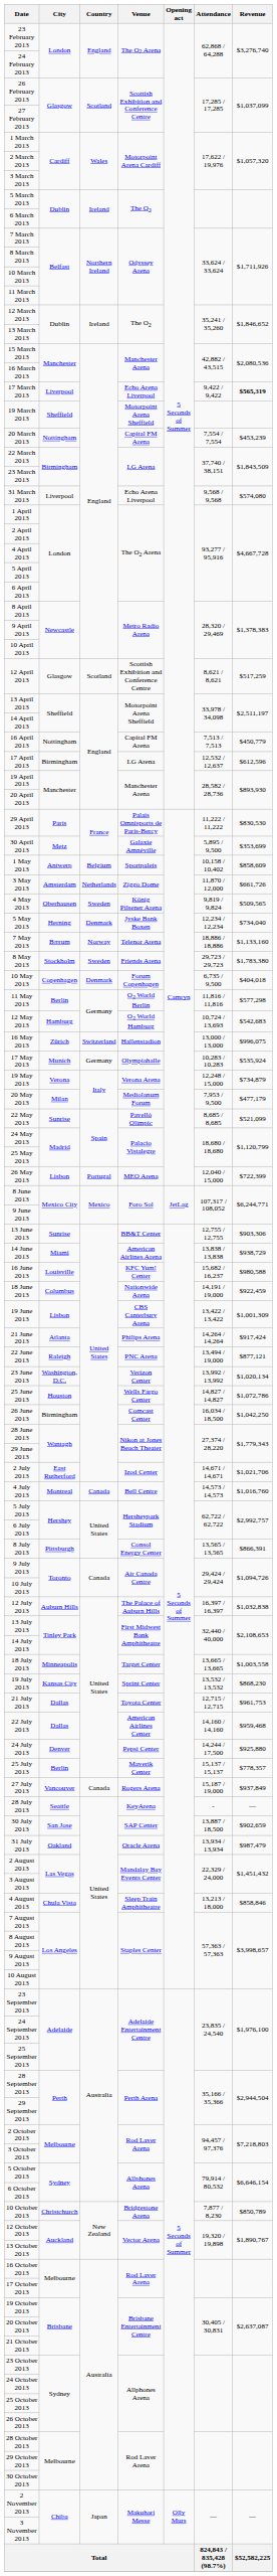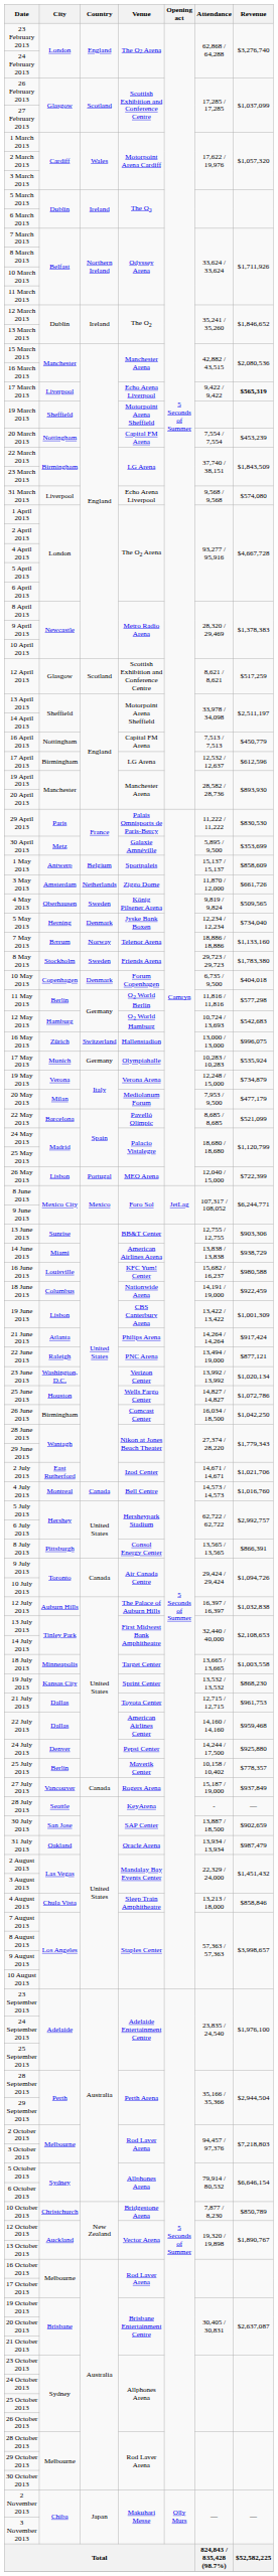 <table class="wikitable" style="text-align:center;">
 <tr>
 <th scope="col" style="width:12em;">Date</th>
 <th scope="col" style="width:10em;">City</th>
 <th scope="col" style="width:10em;">Country</th>
 <th scope="col" style="width:16em;">Venue</th>
 <th scope="col" style="width:10em;">Opening act</th>
 <th scope="col" style="width:10em;">Attendance</th>
 <th scope="col" style="width:10em;">Revenue</th>
 </tr>
 <tr>
 <td>23 February 2013</td>
 <td rowspan="2"><a href='#'>London</a></td>
 <td rowspan="2"><a href='#'>England</a></td>
 <td rowspan="2"><a href='#'>The O<sub>2</sub> Arena</a></td>
 <td rowspan="38"><a href='#'>5 Seconds of Summer</a></td>
 <td rowspan="2">62,868 / 64,288</td>
 <td rowspan="2">$3,276,740</td>
 </tr>
 <tr>
 <td>24 February 2013</td>
 </tr>
 <tr>
 <td>26 February 2013</td>
 <td rowspan="2"><a href='#'>Glasgow</a></td>
 <td rowspan="2"><a href='#'>Scotland</a></td>
 <td rowspan="2"><a href='#'>Scottish Exhibition and Conference Centre</a></td>
 <td rowspan="2">17,285 / 17,285</td>
 <td rowspan="2">$1,037,099</td>
 </tr>
 <tr>
 <td>27 February 2013</td>
 </tr>
 <tr>
 <td>1 March 2013</td>
 <td rowspan="3"><a href='#'>Cardiff</a></td>
 <td rowspan="3"><a href='#'>Wales</a></td>
 <td rowspan="3"><a href='#'>Motorpoint Arena Cardiff</a></td>
 <td rowspan="3">17,622 / 19,976</td>
 <td rowspan="3">$1,057,320</td>
 </tr>
 <tr>
 <td>2 March 2013</td>
 </tr>
 <tr>
 <td>3 March 2013</td>
 </tr>
 <tr>
 <td>5 March 2013</td>
 <td rowspan="2"><a href='#'>Dublin</a></td>
 <td rowspan="2"><a href='#'>Ireland</a></td>
 <td rowspan="2"><a href='#'>The O<sub>2</sub></a></td>
 <td rowspan="2"></td>
 <td rowspan="2"></td>
 </tr>
 <tr>
 <td>6 March 2013</td>
 </tr>
 <tr>
 <td>7 March 2013</td>
 <td rowspan="4"><a href='#'>Belfast</a></td>
 <td rowspan="4"><a href='#'>Northern Ireland</a></td>
 <td rowspan="4"><a href='#'>Odyssey Arena</a></td>
 <td rowspan="4">33,624 / 33,624</td>
 <td rowspan="4">$1,711,926</td>
 </tr>
 <tr>
 <td>8 March 2013</td>
 </tr>
 <tr>
 <td>10 March 2013</td>
 </tr>
 <tr>
 <td>11 March 2013</td>
 </tr>
 <tr>
 <td>12 March 2013</td>
 <td rowspan="2">Dublin</td>
 <td rowspan="2">Ireland</td>
 <td rowspan="2">The O<sub>2</sub></td>
 <td rowspan="2">35,241 / 35,260</td>
 <td rowspan="2">$1,846,652</td>
 </tr>
 <tr>
 <td>13 March 2013</td>
 </tr>
 <tr>
 <td>15 March 2013</td>
 <td rowspan="2"><a href='#'>Manchester</a></td>
 <td rowspan="16">England</td>
 <td rowspan="2"><a href='#'>Manchester Arena</a></td>
 <td rowspan="2">42,882 / 43,515</td>
 <td rowspan="2">$2,080,536</td>
 </tr>
 <tr>
 <td>16 March 2013</td>
 </tr>
 <tr>
 <td>17 March 2013</td>
 <td><a href='#'>Liverpool</a></td>
 <td><a href='#'>Echo Arena Liverpool</a></td>
 <td>9,422 / 9,422</td>
 <td><strong>$565,319</strong></td>
 </tr>
 <tr>
 <td>19 March 2013</td>
 <td><a href='#'>Sheffield</a></td>
 <td><a href='#'>Motorpoint Arena Sheffield</a></td>
 <td></td>
 <td></td>
 </tr>
 <tr>
 <td>20 March 2013</td>
 <td><a href='#'>Nottingham</a></td>
 <td><a href='#'>Capital FM Arena</a></td>
 <td>7,554 / 7,554</td>
 <td>$453,239</td>
 </tr>
 <tr>
 <td>22 March 2013</td>
 <td rowspan="2"><a href='#'>Birmingham</a></td>
 <td rowspan="2"><a href='#'>LG Arena</a></td>
 <td rowspan="2">37,740 / 38,151</td>
 <td rowspan="2">$1,843,509</td>
 </tr>
 <tr>
 <td>23 March 2013</td>
 </tr>
 <tr>
 <td>31 March 2013</td>
 <td>Liverpool</td>
 <td>Echo Arena Liverpool</td>
 <td>9,568 / 9,568</td>
 <td>$574,080</td>
 </tr>
 <tr>
 <td>1 April 2013</td>
 <td rowspan="5">London</td>
 <td rowspan="5">The O<sub>2</sub> Arena</td>
 <td rowspan="5">93,277 / 95,916</td>
 <td rowspan="5">$4,667,728</td>
 </tr>
 <tr>
 <td>2 April 2013</td>
 </tr>
 <tr>
 <td>4 April 2013</td>
 </tr>
 <tr>
 <td>5 April 2013</td>
 </tr>
 <tr>
 <td>6 April 2013</td>
 </tr>
 <tr>
 <td>8 April 2013</td>
 <td rowspan="3"><a href='#'>Newcastle</a></td>
 <td rowspan="3"><a href='#'>Metro Radio Arena</a></td>
 <td rowspan="3">28,320 / 29,469</td>
 <td rowspan="3">$1,378,383</td>
 </tr>
 <tr>
 <td>9 April 2013</td>
 </tr>
 <tr>
 <td>10 April 2013</td>
 </tr>
 <tr>
 <td>12 April 2013</td>
 <td>Glasgow</td>
 <td>Scotland</td>
 <td>Scottish Exhibition and Conference Centre</td>
 <td>8,621 / 8,621</td>
 <td>$517,259</td>
 </tr>
 <tr>
 <td>13 April 2013</td>
 <td rowspan="2">Sheffield</td>
 <td rowspan="6">England</td>
 <td rowspan="2">Motorpoint Arena Sheffield</td>
 <td rowspan="2">33,978 / 34,098</td>
 <td rowspan="2">$2,511,197</td>
 </tr>
 <tr>
 <td>14 April 2013</td>
 </tr>
 <tr>
 <td>16 April 2013</td>
 <td>Nottingham</td>
 <td>Capital FM Arena</td>
 <td>7,513 / 7,513</td>
 <td>$450,779</td>
 </tr>
 <tr>
 <td>17 April 2013</td>
 <td>Birmingham</td>
 <td>LG Arena</td>
 <td>12,532 / 12,637</td>
 <td>$612,596</td>
 </tr>
 <tr>
 <td>19 April 2013</td>
 <td rowspan="2">Manchester</td>
 <td rowspan="2">Manchester Arena</td>
 <td rowspan="2">28,582 / 28,736</td>
 <td rowspan="2">$893,930</td>
 </tr>
 <tr>
 <td>20 April 2013</td>
 </tr>
 <tr>
 <td>29 April 2013</td>
 <td><a href='#'>Paris</a></td>
 <td rowspan="2"><a href='#'>France</a></td>
 <td><a href='#'>Palais Omnisports de Paris-Bercy</a></td>
 <td rowspan="19"><a href='#'>Camryn</a></td>
 <td>11,222 / 11,222</td>
 <td>$830,530</td>
 </tr>
 <tr>
 <td>30 April 2013</td>
 <td><a href='#'>Metz</a></td>
 <td><a href='#'>Galaxie Amnéville</a></td>
 <td>5,895 / 9,500</td>
 <td>$353,699</td>
 </tr>
 <tr>
 <td>1 May 2013</td>
 <td><a href='#'>Antwerp</a></td>
 <td><a href='#'>Belgium</a></td>
 <td><a href='#'>Sportpaleis</a></td>
-<td>10,158 / 10,402</td>
+<td>15,137 / 15,137</td>
 <td>$858,609</td>
 </tr>
 <tr>
 <td>3 May 2013</td>
 <td><a href='#'>Amsterdam</a></td>
 <td><a href='#'>Netherlands</a></td>
 <td><a href='#'>Ziggo Dome</a></td>
 <td>11,870 / 12,000</td>
 <td>$661,726</td>
 </tr>
 <tr>
 <td>4 May 2013</td>
 <td><a href='#'>Oberhausen</a></td>
 <td><a href='#'>Sweden</a></td>
 <td><a href='#'>König Pilsener Arena</a></td>
 <td>9,819 / 9,824</td>
 <td>$509,565</td>
 </tr>
 <tr>
 <td>5 May 2013</td>
 <td><a href='#'>Herning</a></td>
 <td><a href='#'>Denmark</a></td>
 <td><a href='#'>Jyske Bank Boxen</a></td>
 <td>12,234 / 12,234</td>
 <td>$734,040</td>
 </tr>
 <tr>
 <td>7 May 2013</td>
 <td><a href='#'>Bærum</a></td>
 <td><a href='#'>Norway</a></td>
 <td><a href='#'>Telenor Arena</a></td>
 <td>18,886 / 18,886</td>
 <td>$1,133,160</td>
 </tr>
 <tr>
 <td>8 May 2013</td>
 <td><a href='#'>Stockholm</a></td>
 <td><a href='#'>Sweden</a></td>
 <td><a href='#'>Friends Arena</a></td>
 <td>29,723 / 29,723</td>
 <td>$1,783,380</td>
 </tr>
 <tr>
 <td>10 May 2013</td>
 <td><a href='#'>Copenhagen</a></td>
 <td><a href='#'>Denmark</a></td>
 <td><a href='#'>Forum Copenhagen</a></td>
 <td>6,735 / 9,500</td>
 <td>$404,018</td>
 </tr>
 <tr>
 <td>11 May 2013</td>
 <td><a href='#'>Berlin</a></td>
 <td rowspan="2">Germany</td>
 <td><a href='#'>O<sub>2</sub> World Berlin</a></td>
 <td>11,816 / 11,816</td>
 <td>$577,298</td>
 </tr>
 <tr>
 <td>12 May 2013</td>
 <td><a href='#'>Hamburg</a></td>
 <td><a href='#'>O<sub>2</sub> World Hamburg</a></td>
 <td>10,724 / 13,693</td>
 <td>$542,683</td>
 </tr>
 <tr>
 <td>16 May 2013</td>
 <td><a href='#'>Zürich</a></td>
 <td><a href='#'>Switzerland</a></td>
 <td><a href='#'>Hallenstadion</a></td>
 <td>13,000 / 13,000</td>
 <td>$996,075</td>
 </tr>
 <tr>
 <td>17 May 2013</td>
 <td><a href='#'>Munich</a></td>
 <td>Germany</td>
 <td><a href='#'>Olympiahalle</a></td>
 <td>10,283 / 10,283</td>
 <td>$535,924</td>
 </tr>
 <tr>
 <td>19 May 2013</td>
 <td><a href='#'>Verona</a></td>
 <td rowspan="2"><a href='#'>Italy</a></td>
 <td><a href='#'>Verona Arena</a></td>
 <td>12,248 / 15,000</td>
 <td>$734,879</td>
 </tr>
 <tr>
 <td>20 May 2013</td>
 <td><a href='#'>Milan</a></td>
 <td><a href='#'>Mediolanum Forum</a></td>
 <td>7,953 / 9,500</td>
 <td>$477,179</td>
 </tr>
 <tr>
 <td>22 May 2013</td>
-<td><a href='#'>Sunrise</a></td>
+<td><a href='#'>Barcelona</a></td>
 <td rowspan="3"><a href='#'>Spain</a></td>
 <td><a href='#'>Pavelló Olímpic</a></td>
 <td>8,685 / 8,685</td>
 <td>$521,099</td>
 </tr>
 <tr>
 <td>24 May 2013</td>
 <td rowspan="2"><a href='#'>Madrid</a></td>
 <td rowspan="2"><a href='#'>Palacio Vistalegre</a></td>
 <td rowspan="2">18,680 / 18,680</td>
 <td rowspan="2">$1,120,799</td>
 </tr>
 <tr>
 <td>25 May 2013</td>
 </tr>
 <tr>
 <td>26 May 2013</td>
 <td><a href='#'>Lisbon</a></td>
 <td><a href='#'>Portugal</a></td>
 <td><a href='#'>MEO Arena</a></td>
 <td>12,040 / 15,000</td>
 <td>$722,399</td>
 </tr>
 <tr>
 <td>8 June 2013</td>
 <td rowspan="2"><a href='#'>Mexico City</a></td>
 <td rowspan="2"><a href='#'>Mexico</a></td>
 <td rowspan="2"><a href='#'>Foro Sol</a></td>
 <td rowspan="2"><a href='#'>JetLag</a></td>
 <td rowspan="2">107,317 / 108,052</td>
 <td rowspan="2">$6,244,771</td>
 </tr>
 <tr>
 <td>9 June 2013</td>
 </tr>
 <tr>
 <td>13 June 2013</td>
 <td><a href='#'>Sunrise</a></td>
 <td rowspan="13"><a href='#'>United States</a></td>
 <td><a href='#'>BB&T Center</a></td>
 <td rowspan="39"><a href='#'>5 Seconds of Summer</a></td>
 <td>12,755 / 12,755</td>
 <td>$903,306</td>
 </tr>
 <tr>
 <td>14 June 2013</td>
 <td><a href='#'>Miami</a></td>
 <td><a href='#'>American Airlines Arena</a></td>
 <td>13,838 / 13,838</td>
 <td>$938,729</td>
 </tr>
 <tr>
 <td>16 June 2013</td>
 <td><a href='#'>Louisville</a></td>
 <td><a href='#'>KFC Yum! Center</a></td>
 <td>15,682 / 16,237</td>
 <td>$980,588</td>
 </tr>
 <tr>
 <td>18 June 2013</td>
 <td><a href='#'>Columbus</a></td>
 <td><a href='#'>Nationwide Arena</a></td>
 <td>14,191 / 19,000</td>
 <td>$922,459</td>
 </tr>
 <tr>
 <td>19 June 2013</td>
 <td><a href='#'>Lisbon</a></td>
 <td><a href='#'>CBS Canterbury Arena</a></td>
 <td>13,422 / 13,422</td>
 <td>$1,001,309</td>
 </tr>
 <tr>
 <td>21 June 2013</td>
 <td><a href='#'>Atlanta</a></td>
 <td><a href='#'>Philips Arena</a></td>
 <td>14,264 / 14,264</td>
 <td>$917,424</td>
 </tr>
 <tr>
 <td>22 June 2013</td>
 <td><a href='#'>Raleigh</a></td>
 <td><a href='#'>PNC Arena</a></td>
 <td>13,494 / 19,000</td>
 <td>$877,121</td>
 </tr>
 <tr>
 <td>23 June 2013</td>
 <td><a href='#'>Washington, D.C.</a></td>
 <td><a href='#'>Verizon Center</a></td>
 <td>13,992 / 13,992</td>
 <td>$1,020,134</td>
 </tr>
 <tr>
 <td>25 June 2013</td>
 <td><a href='#'>Houston</a></td>
 <td><a href='#'>Wells Fargo Center</a></td>
 <td>14,827 / 14,827</td>
 <td>$1,072,786</td>
 </tr>
 <tr>
 <td>26 June 2013</td>
 <td>Birmingham</td>
 <td><a href='#'>Comcast Center</a></td>
 <td>16,034 / 18,500</td>
 <td>$1,042,250</td>
 </tr>
 <tr>
 <td>28 June 2013</td>
 <td rowspan="2"><a href='#'>Wantagh</a></td>
 <td rowspan="2"><a href='#'>Nikon at Jones Beach Theater</a></td>
 <td rowspan="2">27,374 / 28,220</td>
 <td rowspan="2">$1,779,343</td>
 </tr>
 <tr>
 <td>29 June 2013</td>
 </tr>
 <tr>
 <td>2 July 2013</td>
 <td><a href='#'>East Rutherford</a></td>
 <td><a href='#'>Izod Center</a></td>
 <td>14,671 / 14,671</td>
 <td>$1,021,706</td>
 </tr>
 <tr>
 <td>4 July 2013</td>
 <td><a href='#'>Montreal</a></td>
 <td><a href='#'>Canada</a></td>
 <td><a href='#'>Bell Centre</a></td>
 <td>14,573 / 14,573</td>
 <td>$1,016,760</td>
 </tr>
 <tr>
 <td>5 July 2013</td>
 <td rowspan="2"><a href='#'>Hershey</a></td>
 <td rowspan="3">United States</td>
 <td rowspan="2"><a href='#'>Hersheypark Stadium</a></td>
 <td rowspan="2">62,722 / 62,722</td>
 <td rowspan="2">$2,992,757</td>
 </tr>
 <tr>
 <td>6 July 2013</td>
 </tr>
 <tr>
 <td>8 July 2013</td>
 <td><a href='#'>Pittsburgh</a></td>
 <td><a href='#'>Consol Energy Center</a></td>
 <td>13,565 / 13,565</td>
 <td>$866,391</td>
 </tr>
 <tr>
 <td>9 July 2013</td>
 <td rowspan="2"><a href='#'>Toronto</a></td>
 <td rowspan="2">Canada</td>
 <td rowspan="2"><a href='#'>Air Canada Centre</a></td>
 <td rowspan="2">29,424 / 29,424</td>
 <td rowspan="2">$1,094,726</td>
 </tr>
 <tr>
 <td>10 July 2013</td>
 </tr>
 <tr>
 <td>12 July 2013</td>
 <td><a href='#'>Auburn Hills</a></td>
 <td rowspan="9">United States</td>
 <td><a href='#'>The Palace of Auburn Hills</a></td>
 <td>16,397 / 16,397</td>
 <td>$1,032,838</td>
 </tr>
 <tr>
 <td>13 July 2013</td>
 <td rowspan="2"><a href='#'>Tinley Park</a></td>
 <td rowspan="2"><a href='#'>First Midwest Bank Amphitheatre</a></td>
 <td rowspan="2">32,440 / 40,000</td>
 <td rowspan="2">$2,108,653</td>
 </tr>
 <tr>
 <td>14 July 2013</td>
 </tr>
 <tr>
 <td>18 July 2013</td>
 <td><a href='#'>Minneapolis</a></td>
 <td><a href='#'>Target Center</a></td>
 <td>13,665 / 13,665</td>
 <td>$1,003,558</td>
 </tr>
 <tr>
 <td>19 July 2013</td>
 <td><a href='#'>Kansas City</a></td>
 <td><a href='#'>Sprint Center</a></td>
 <td>13,532 / 13,532</td>
 <td>$868,230</td>
 </tr>
 <tr>
 <td>21 July 2013</td>
 <td><a href='#'>Dallas</a></td>
 <td><a href='#'>Toyota Center</a></td>
 <td>12,715 / 12,715</td>
 <td>$961,753</td>
 </tr>
 <tr>
 <td>22 July 2013</td>
 <td><a href='#'>Dallas</a></td>
 <td><a href='#'>American Airlines Center</a></td>
 <td>14,160 / 14,160</td>
 <td>$959,468</td>
 </tr>
 <tr>
 <td>24 July 2013</td>
 <td><a href='#'>Denver</a></td>
 <td><a href='#'>Pepsi Center</a></td>
 <td>14,244 / 17,500</td>
 <td>$925,880</td>
 </tr>
 <tr>
 <td>25 July 2013</td>
 <td><a href='#'>Berlin</a></td>
 <td><a href='#'>Maverik Center</a></td>
-<td>15,137 / 15,137</td>
+<td>10,158 / 10,402</td>
 <td>$778,357</td>
 </tr>
 <tr>
 <td>27 July 2013</td>
 <td><a href='#'>Vancouver</a></td>
 <td>Canada</td>
 <td><a href='#'>Rogers Arena</a></td>
 <td>15,187 / 19,000</td>
 <td>$937,849</td>
 </tr>
 <tr>
 <td>28 July 2013</td>
 <td><a href='#'>Seattle</a></td>
 <td rowspan="10">United States</td>
 <td><a href='#'>KeyArena</a></td>
 <td>-</td>
 <td>—</td>
 </tr>
 <tr>
 <td>30 July 2013</td>
 <td><a href='#'>San Jose</a></td>
 <td><a href='#'>SAP Center</a></td>
 <td>13,887 / 18,500</td>
 <td>$902,659</td>
 </tr>
 <tr>
 <td>31 July 2013</td>
 <td><a href='#'>Oakland</a></td>
 <td><a href='#'>Oracle Arena</a></td>
 <td>13,934 / 13,934</td>
 <td>$987,479</td>
 </tr>
 <tr>
 <td>2 August 2013</td>
 <td rowspan="2"><a href='#'>Las Vegas</a></td>
 <td rowspan="2"><a href='#'>Mandalay Bay Events Center</a></td>
 <td rowspan="2">22,329 / 24,000</td>
 <td rowspan="2">$1,451,432</td>
 </tr>
 <tr>
 <td>3 August 2013</td>
 </tr>
 <tr>
 <td>4 August 2013</td>
 <td><a href='#'>Chula Vista</a></td>
 <td><a href='#'>Sleep Train Amphitheatre</a></td>
 <td>13,213 / 18,000</td>
 <td>$858,846</td>
 </tr>
 <tr>
 <td>7 August 2013</td>
 <td rowspan="4"><a href='#'>Los Angeles</a></td>
 <td rowspan="4"><a href='#'>Staples Center</a></td>
 <td rowspan="4">57,363 / 57,363</td>
 <td rowspan="4">$3,998,657</td>
 </tr>
 <tr>
 <td>8 August 2013</td>
 </tr>
 <tr>
 <td>9 August 2013</td>
 </tr>
 <tr>
 <td>10 August 2013</td>
 </tr>
 <tr>
 <td>23 September 2013</td>
 <td rowspan="3"><a href='#'>Adelaide</a></td>
 <td rowspan="9">Australia</td>
 <td rowspan="3"><a href='#'>Adelaide Entertainment Centre</a></td>
 <td rowspan="24"><a href='#'>5 Seconds of Summer</a></td>
 <td rowspan="3">23,835 / 24,540</td>
 <td rowspan="3">$1,976,100</td>
 </tr>
 <tr>
 <td>24 September 2013</td>
 </tr>
 <tr>
 <td>25 September 2013</td>
 </tr>
 <tr>
 <td>28 September 2013</td>
 <td rowspan="2"><a href='#'>Perth</a></td>
 <td rowspan="2"><a href='#'>Perth Arena</a></td>
 <td rowspan="2">35,166 / 35,366</td>
 <td rowspan="2">$2,944,504</td>
 </tr>
 <tr>
 <td>29 September 2013</td>
 </tr>
 <tr>
 <td>2 October 2013</td>
 <td rowspan="2"><a href='#'>Melbourne</a></td>
 <td rowspan="2"><a href='#'>Rod Laver Arena</a></td>
 <td rowspan="2">94,457 / 97,376</td>
 <td rowspan="2">$7,218,803</td>
 </tr>
 <tr>
 <td>3 October 2013</td>
 </tr>
 <tr>
 <td>5 October 2013</td>
 <td rowspan="2"><a href='#'>Sydney</a></td>
 <td rowspan="2"><a href='#'>Allphones Arena</a></td>
 <td rowspan="2">79,914 / 80,532</td>
 <td rowspan="2">$6,646,154</td>
 </tr>
 <tr>
 <td>6 October 2013</td>
 </tr>
 <tr>
 <td>10 October 2013</td>
 <td><a href='#'>Christchurch</a></td>
 <td rowspan="3">New Zealand</td>
 <td><a href='#'>Bridgestone Arena</a></td>
 <td>7,877 / 8,230</td>
 <td>$850,789</td>
 </tr>
 <tr>
 <td>12 October 2013</td>
 <td rowspan="2"><a href='#'>Auckland</a></td>
 <td rowspan="2"><a href='#'>Vector Arena</a></td>
 <td rowspan="2">19,320 / 19,898</td>
 <td rowspan="2">$1,890,767</td>
 </tr>
 <tr>
 <td>13 October 2013</td>
 </tr>
 <tr>
 <td>16 October 2013</td>
 <td rowspan="2">Melbourne</td>
 <td rowspan="12">Australia</td>
 <td rowspan="2"><a href='#'>Rod Laver Arena</a></td>
 <td rowspan="2"></td>
 <td rowspan="2"></td>
 </tr>
 <tr>
 <td>17 October 2013</td>
 </tr>
 <tr>
 <td>19 October 2013</td>
 <td rowspan="3"><a href='#'>Brisbane</a></td>
 <td rowspan="3"><a href='#'>Brisbane Entertainment Centre</a></td>
 <td rowspan="3">30,405 / 30,831</td>
 <td rowspan="3">$2,637,087</td>
 </tr>
 <tr>
 <td>20 October 2013</td>
 </tr>
 <tr>
 <td>21 October 2013</td>
 </tr>
 <tr>
 <td>23 October 2013</td>
 <td rowspan="4">Sydney</td>
 <td rowspan="4">Allphones Arena</td>
 <td rowspan="4"></td>
 <td rowspan="4"></td>
 </tr>
 <tr>
 <td>24 October 2013</td>
 </tr>
 <tr>
 <td>25 October 2013</td>
 </tr>
 <tr>
 <td>26 October 2013</td>
 </tr>
 <tr>
 <td>28 October 2013</td>
 <td rowspan="3">Melbourne</td>
 <td rowspan="3">Rod Laver Arena</td>
 <td rowspan="3"></td>
 <td rowspan="3"></td>
 </tr>
 <tr>
 <td>29 October 2013</td>
 </tr>
 <tr>
 <td>30 October 2013</td>
 </tr>
 <tr>
 <td>2 November 2013</td>
 <td rowspan="2"><a href='#'>Chiba</a></td>
 <td rowspan="2">Japan</td>
 <td rowspan="2"><a href='#'>Makuhari Messe</a></td>
 <td rowspan="2"><a href='#'>Olly Murs</a></td>
 <td rowspan="2">—</td>
 <td rowspan="2">—</td>
 </tr>
 <tr>
 <td>3 November 2013</td>
 </tr>
 <tr>
 <th colspan="5">Total</th>
 <th>824,843 / 835,428 (98.7%)</th>
 <th>$52,582,225</th>
 </tr>
 <tr>
 </tr>
 </table>
